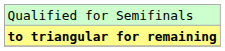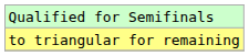 <table class="wikitable">
 <tr width=10px bgcolor="#ccffcc">
 <td>Qualified for Semifinals</td>
 </tr>
 <tr width=10px bgcolor="#FFFF88">
-<td><strong>to triangular for remaining</strong></td>
+<td>to triangular for remaining</td>
 </tr>
 <tr>
 </tr>
 </table>
